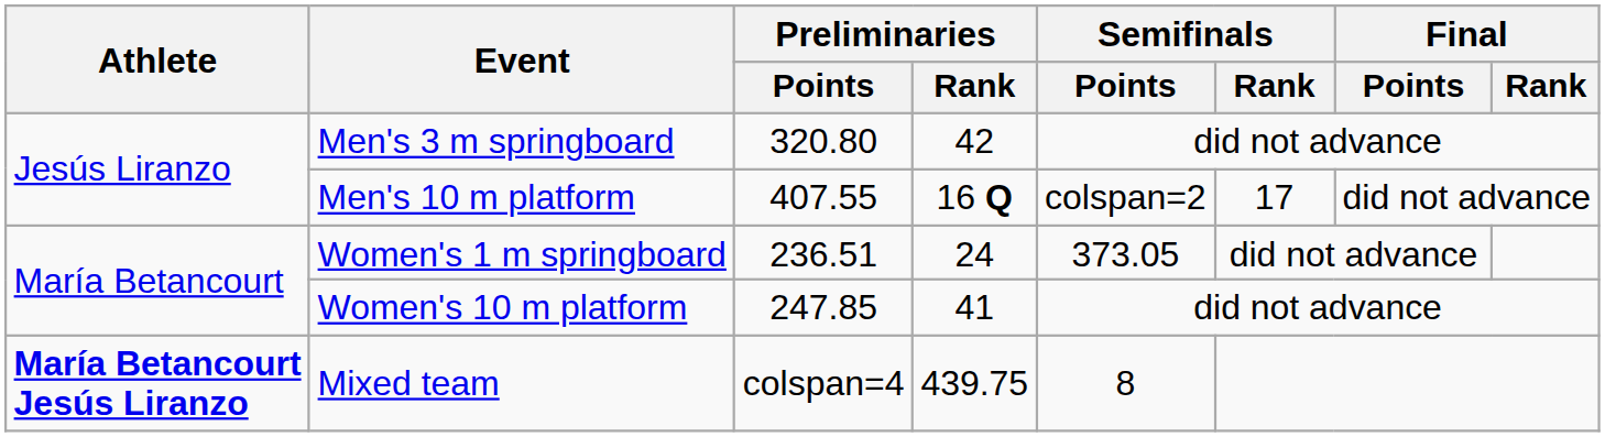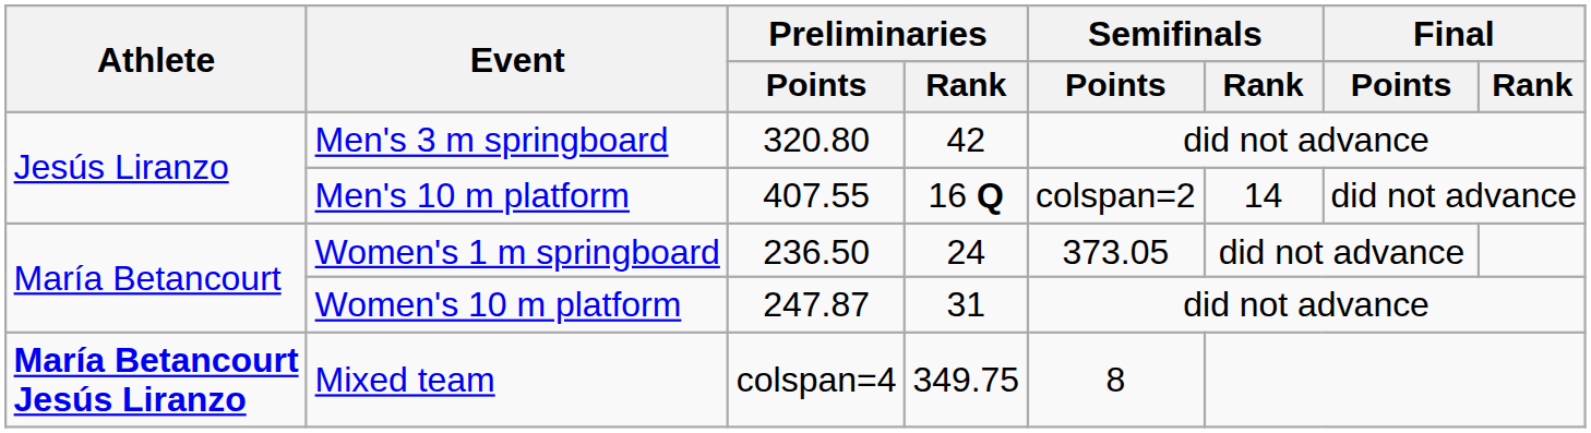 <table class=wikitable style="font-size:90%;">
 <tr>
 <th rowspan="2">Athlete</th>
 <th rowspan="2">Event</th>
 <th colspan="2">Preliminaries</th>
 <th colspan="2">Semifinals</th>
 <th colspan="2">Final</th>
 </tr>
 <tr style="font-size:95%">
 <th>Points</th>
 <th>Rank</th>
 <th>Points</th>
 <th>Rank</th>
 <th>Points</th>
 <th>Rank</th>
 </tr>
 <tr align=center>
 <td align=left rowspan=2><a href='#'>Jesús Liranzo</a></td>
 <td align=left><a href='#'>Men's 3 m springboard</a></td>
 <td>320.80</td>
 <td>42</td>
 <td colspan=4>did not advance</td>
 </tr>
 <tr align=center>
 <td align=left><a href='#'>Men's 10 m platform</a></td>
 <td>407.55</td>
 <td>16 <strong>Q</strong></td>
 <td>colspan=2 </td>
-<td>17</td>
+<td>14</td>
 <td colspan=2>did not advance</td>
 </tr>
 <tr align=center>
 <td align=left rowspan=2><a href='#'>María Betancourt</a></td>
 <td align=left><a href='#'>Women's 1 m springboard</a></td>
-<td>236.51</td>
+<td>236.50</td>
 <td>24</td>
 <td>373.05</td>
 <td colspan=2>did not advance</td>
 </tr>
 <tr align=center>
 <td align=left><a href='#'>Women's 10 m platform</a></td>
-<td>247.85</td>
-<td>41</td>
+<td>247.87</td>
+<td>31</td>
 <td colspan=4>did not advance</td>
 </tr>
 <tr align=center>
 <td align=left><strong><a href='#'>María Betancourt</a><br><a href='#'>Jesús Liranzo</a></strong></td>
 <td align=left><a href='#'>Mixed team</a></td>
 <td>colspan=4 </td>
-<td>439.75</td>
+<td>349.75</td>
 <td>8</td>
 </tr>
 </table>
